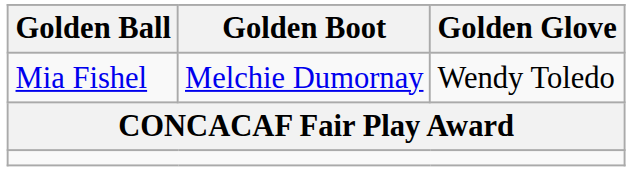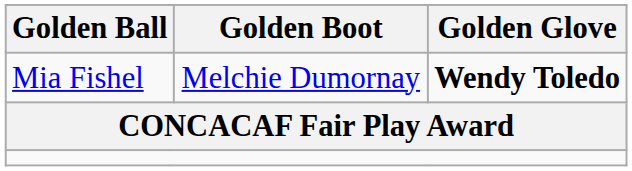 <table class="wikitable" style="margin:auto">
 <tr>
 <th>Golden Ball</th>
 <th>Golden Boot</th>
 <th>Golden Glove</th>
 </tr>
 <tr>
 <td> <a href='#'>Mia Fishel</a></td>
 <td> <a href='#'>Melchie Dumornay</a></td>
-<td> Wendy Toledo</td>
+<td><strong> Wendy Toledo</strong></td>
 </tr>
 <tr>
 <th colspan="3">CONCACAF Fair Play Award</th>
 </tr>
 <tr>
 <td colspan="3" style="text-align:center;"></td>
 </tr>
 </table>
